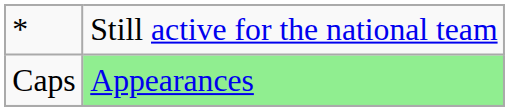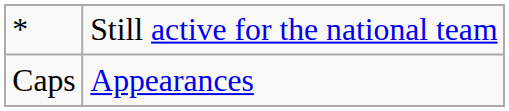 <table class="wikitable sortable">
 <tr>
 <td>*</td>
 <td>Still <a href='#'>active for the national team</a></td>
 </tr>
 <tr>
 <td>Caps</td>
-<td style="background: lightgreen;"><a href='#'>Appearances</a></td>
+<td><a href='#'>Appearances</a></td>
 </tr>
 <tr>
 </tr>
 </table>
